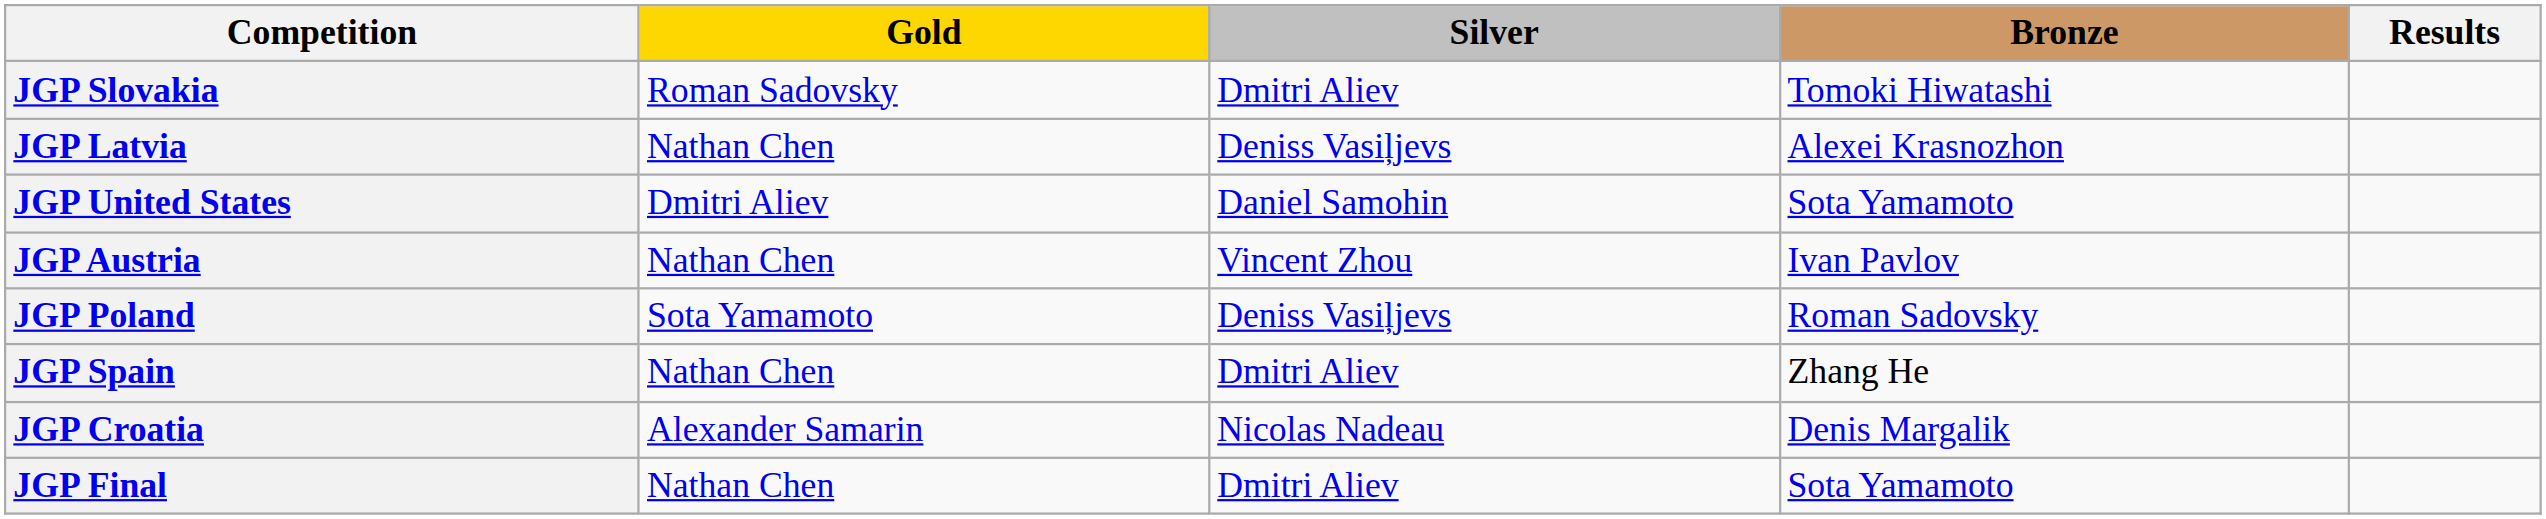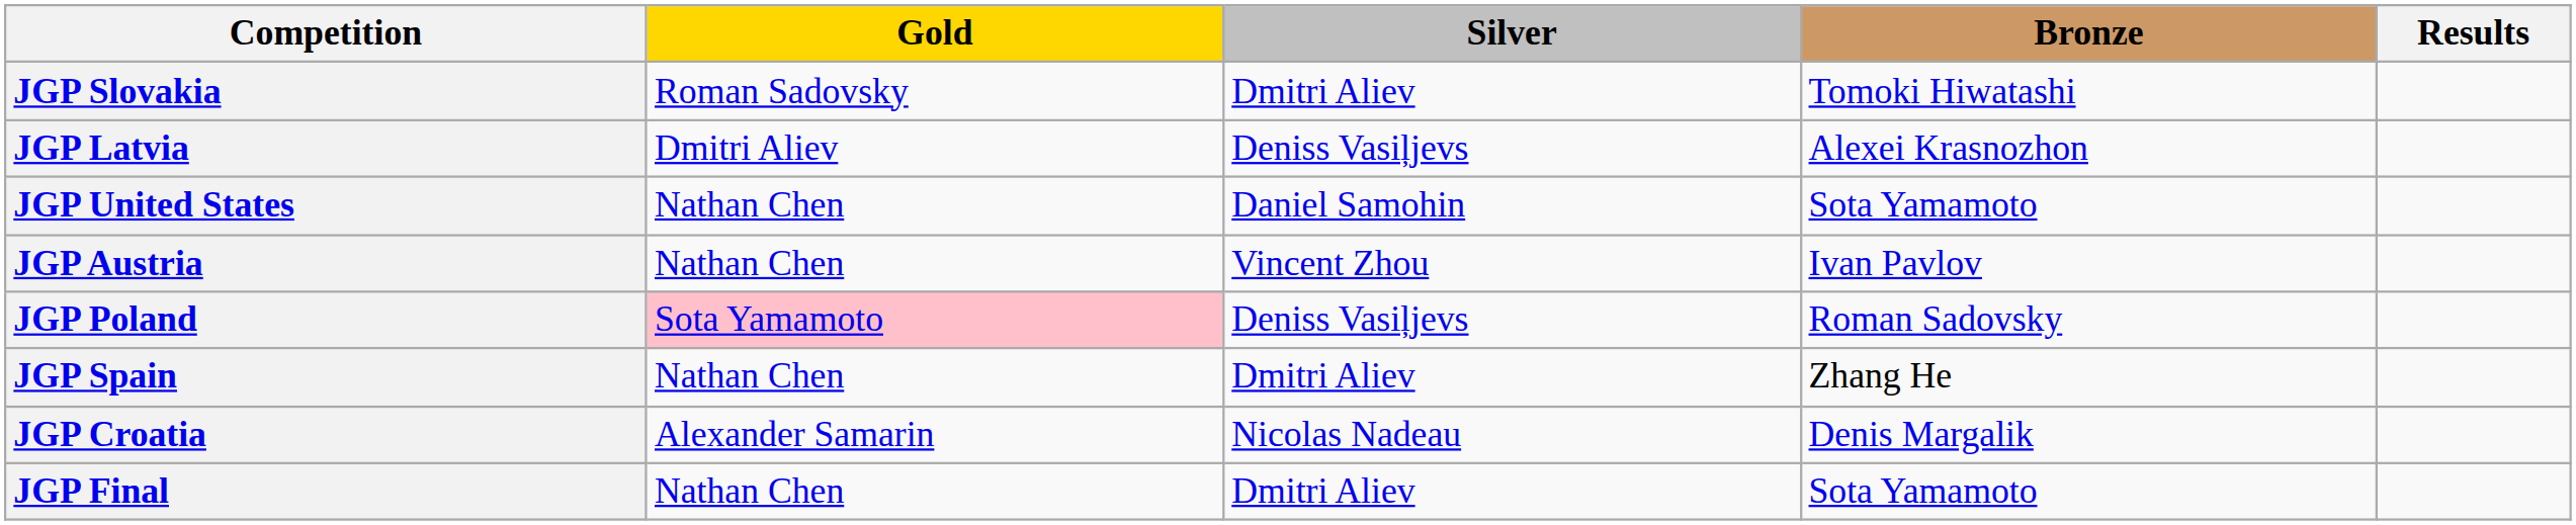 <table class="wikitable unsortable" style="text-align:left; width:90%">
 <tr>
 <th scope="col" style="text-align:center; width:25%;">Competition</th>
 <td scope="col" style="text-align:center; width:22.5%; background:gold"><strong>Gold</strong></td>
 <td scope="col" style="text-align:center; width:22.5%; background:silver"><strong>Silver</strong></td>
 <td scope="col" style="text-align:center; width:22.5%; background:#c96"><strong>Bronze</strong></td>
 <th scope="col" style="text-align:center; width:7.5%;">Results</th>
 </tr>
 <tr>
 <th scope="row" style="text-align:left"> <a href='#'>JGP Slovakia</a></th>
 <td> <a href='#'>Roman Sadovsky</a></td>
 <td> <a href='#'>Dmitri Aliev</a></td>
 <td> <a href='#'>Tomoki Hiwatashi</a></td>
 <td></td>
 </tr>
 <tr>
 <th scope="row" style="text-align:left"> <a href='#'>JGP Latvia</a></th>
-<td> <a href='#'>Nathan Chen</a></td>
+<td> <a href='#'>Dmitri Aliev</a></td>
 <td> <a href='#'>Deniss Vasiļjevs</a></td>
 <td> <a href='#'>Alexei Krasnozhon</a></td>
 <td></td>
 </tr>
 <tr>
 <th scope="row" style="text-align:left"> <a href='#'>JGP United States</a></th>
-<td> <a href='#'>Dmitri Aliev</a></td>
+<td> <a href='#'>Nathan Chen</a></td>
 <td> <a href='#'>Daniel Samohin</a></td>
 <td> <a href='#'>Sota Yamamoto</a></td>
 <td></td>
 </tr>
 <tr>
 <th scope="row" style="text-align:left"> <a href='#'>JGP Austria</a></th>
 <td> <a href='#'>Nathan Chen</a></td>
 <td> <a href='#'>Vincent Zhou</a></td>
 <td> <a href='#'>Ivan Pavlov</a></td>
 <td></td>
 </tr>
 <tr>
 <th scope="row" style="text-align:left"> <a href='#'>JGP Poland</a></th>
-<td> <a href='#'>Sota Yamamoto</a></td>
+<td style="background: pink;"> <a href='#'>Sota Yamamoto</a></td>
 <td> <a href='#'>Deniss Vasiļjevs</a></td>
 <td> <a href='#'>Roman Sadovsky</a></td>
 <td></td>
 </tr>
 <tr>
 <th scope="row" style="text-align:left"> <a href='#'>JGP Spain</a></th>
 <td> <a href='#'>Nathan Chen</a></td>
 <td> <a href='#'>Dmitri Aliev</a></td>
 <td> Zhang He</td>
 <td></td>
 </tr>
 <tr>
 <th scope="row" style="text-align:left"> <a href='#'>JGP Croatia</a></th>
 <td> <a href='#'>Alexander Samarin</a></td>
 <td> <a href='#'>Nicolas Nadeau</a></td>
 <td> <a href='#'>Denis Margalik</a></td>
 <td></td>
 </tr>
 <tr>
 <th scope="row" style="text-align:left"> <a href='#'>JGP Final</a></th>
 <td> <a href='#'>Nathan Chen</a></td>
 <td> <a href='#'>Dmitri Aliev</a></td>
 <td> <a href='#'>Sota Yamamoto</a></td>
 <td></td>
 </tr>
 </table>
